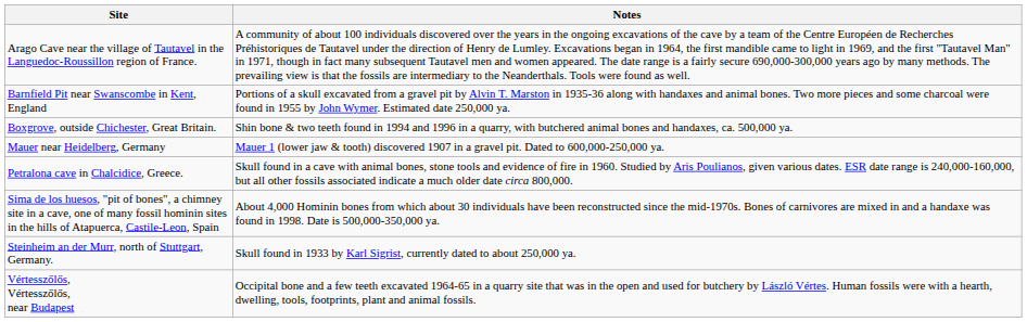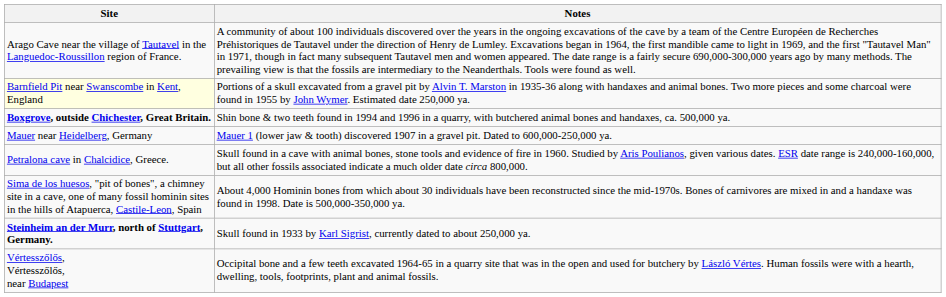 <table class="wikitable" style="font-size:90%;">
 <tr>
 <th>Site</th>
 <th>Notes</th>
 </tr>
 <tr>
 <td>Arago Cave near the village of <a href='#'>Tautavel</a> in the <a href='#'>Languedoc-Roussillon</a> region of France.</td>
 <td>A community of about 100 individuals discovered over the years in the ongoing excavations of the cave by a team of the Centre Européen de Recherches Préhistoriques de Tautavel under the direction of Henry de Lumley. Excavations began in 1964, the first mandible came to light in 1969, and the first "Tautavel Man" in 1971, though in fact many subsequent Tautavel men and women appeared. The date range is a fairly secure 690,000-300,000 years ago by many methods. The prevailing view is that the fossils are intermediary to the Neanderthals. Tools were found as well.</td>
 </tr>
 <tr>
-<td><a href='#'>Barnfield Pit</a> near <a href='#'>Swanscombe</a> in <a href='#'>Kent</a>, England</td>
+<td style="background: lightyellow;"><a href='#'>Barnfield Pit</a> near <a href='#'>Swanscombe</a> in <a href='#'>Kent</a>, England</td>
 <td>Portions of a skull excavated from a gravel pit by <a href='#'>Alvin T. Marston</a> in 1935-36 along with handaxes and animal bones. Two more pieces and some charcoal were found in 1955 by <a href='#'>John Wymer</a>. Estimated date 250,000 ya.</td>
 </tr>
 <tr>
-<td><a href='#'>Boxgrove</a>, outside <a href='#'>Chichester</a>, Great Britain.</td>
+<td><strong><a href='#'>Boxgrove</a>, outside <a href='#'>Chichester</a>, Great Britain.</strong></td>
 <td>Shin bone & two teeth found in 1994 and 1996 in a quarry, with butchered animal bones and handaxes, ca. 500,000 ya.</td>
 </tr>
 <tr>
 <td><a href='#'>Mauer</a> near <a href='#'>Heidelberg</a>, Germany</td>
 <td><a href='#'>Mauer 1</a> (lower jaw & tooth) discovered 1907 in a gravel pit. Dated to 600,000-250,000 ya.</td>
 </tr>
 <tr>
 <td><a href='#'>Petralona cave</a> in <a href='#'>Chalcidice</a>, Greece.</td>
 <td>Skull found in a cave with animal bones, stone tools and evidence of fire in 1960. Studied by <a href='#'>Aris Poulianos</a>, given various dates. <a href='#'>ESR</a> date range is 240,000-160,000, but all other fossils associated indicate a much older date <em>circa</em> 800,000.</td>
 </tr>
 <tr>
 <td><a href='#'>Sima de los huesos</a>, "pit of bones", a chimney site in a cave, one of many fossil hominin sites in the hills of Atapuerca, <a href='#'>Castile-Leon</a>, Spain</td>
 <td>About 4,000 Hominin bones from which about 30 individuals have been reconstructed since the mid-1970s. Bones of carnivores are mixed in and a handaxe was found in 1998. Date is 500,000-350,000 ya.</td>
 </tr>
 <tr>
-<td><a href='#'>Steinheim an der Murr</a>, north of <a href='#'>Stuttgart</a>, Germany.</td>
+<td><strong><a href='#'>Steinheim an der Murr</a>, north of <a href='#'>Stuttgart</a>, Germany.</strong></td>
 <td>Skull found in 1933 by <a href='#'>Karl Sigrist</a>, currently dated to about 250,000 ya.</td>
 </tr>
 <tr>
 <td><a href='#'>Vértesszőlős</a>,<br>Vértesszőlős,<br>near <a href='#'>Budapest</a></td>
 <td>Occipital bone and a few teeth excavated 1964-65 in a quarry site that was in the open and used for butchery by <a href='#'>László Vértes</a>. Human fossils were with a hearth, dwelling, tools, footprints, plant and animal fossils.</td>
 </tr>
 </table>
